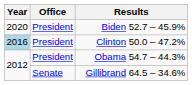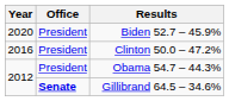 <table class=wikitable>
 <tr>
 <th width="30">Year</th>
 <th width="60">Office</th>
 <th width="180">Results</th>
 </tr>
 <tr>
 <td>2020</td>
 <td><a href='#'>President</a></td>
 <td align="right" ><a href='#'>Biden</a> 52.7 – 45.9%</td>
 </tr>
 <tr>
-<td style="background: lightblue;">2016</td>
+<td>2016</td>
 <td><a href='#'>President</a></td>
 <td align="right" ><a href='#'>Clinton</a> 50.0 – 47.2%</td>
 </tr>
 <tr>
 <td rowspan="2">2012</td>
 <td><a href='#'>President</a></td>
 <td align="right" ><a href='#'>Obama</a> 54.7 – 44.3%</td>
 </tr>
 <tr>
-<td><a href='#'>Senate</a></td>
+<td><strong><a href='#'>Senate</a></strong></td>
 <td align="right" ><a href='#'>Gillibrand</a> 64.5 – 34.6%</td>
 </tr>
 </table>
